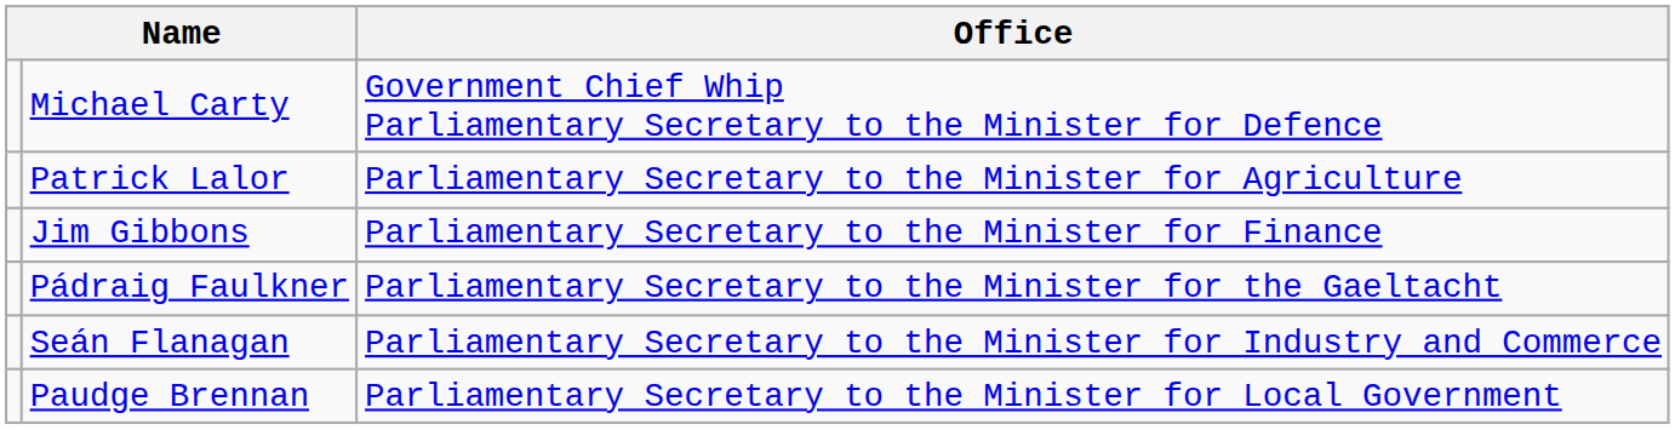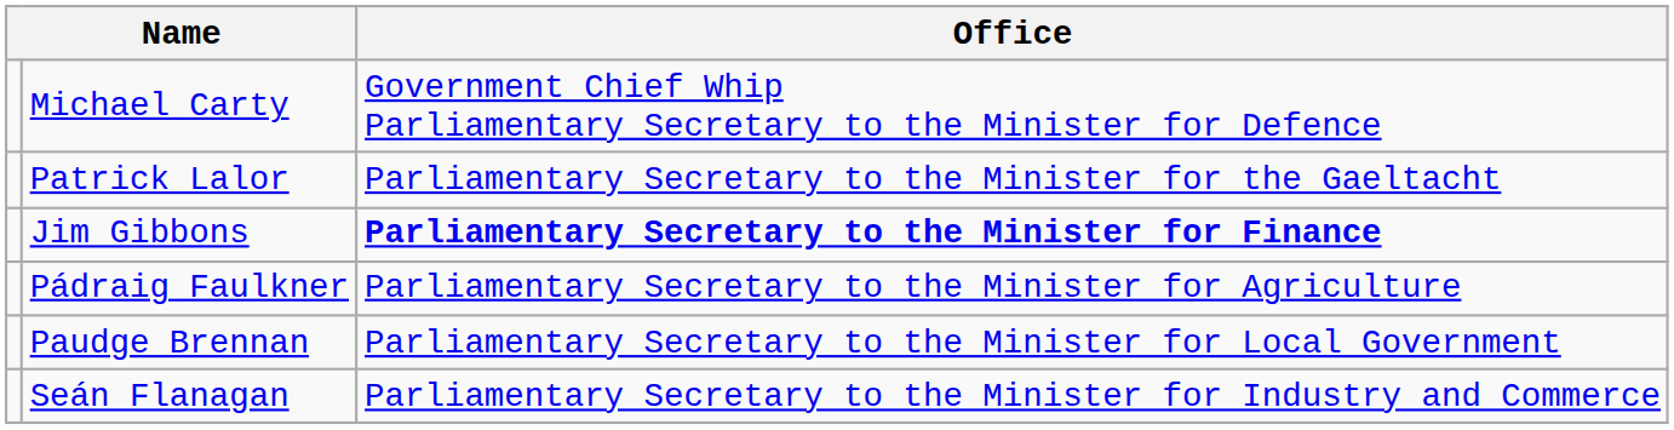 <table class="wikitable">
 <tr>
 <th colspan="2">Name</th>
 <th>Office</th>
 </tr>
 <tr>
 <td style="background-color: "></td>
 <td><a href='#'>Michael Carty</a></td>
 <td><a href='#'>Government Chief Whip</a><br><a href='#'>Parliamentary Secretary to the Minister for Defence</a></td>
 </tr>
 <tr>
 <td style="background-color: "></td>
 <td><a href='#'>Patrick Lalor</a></td>
+<td><a href='#'>Parliamentary Secretary to the Minister for the Gaeltacht</a></td>
+</tr>
+<tr>
+<td style="background-color: "></td>
+<td><a href='#'>Jim Gibbons</a></td>
+<td><strong><a href='#'>Parliamentary Secretary to the Minister for Finance</a></strong></td>
+</tr>
+<tr>
+<td style="background-color: "></td>
+<td><a href='#'>Pádraig Faulkner</a></td>
 <td><a href='#'>Parliamentary Secretary to the Minister for Agriculture</a></td>
 </tr>
 <tr>
 <td style="background-color: "></td>
-<td><a href='#'>Jim Gibbons</a></td>
-<td><a href='#'>Parliamentary Secretary to the Minister for Finance</a></td>
-</tr>
-<tr>
-<td style="background-color: "></td>
-<td><a href='#'>Pádraig Faulkner</a></td>
-<td><a href='#'>Parliamentary Secretary to the Minister for the Gaeltacht</a></td>
+<td><a href='#'>Paudge Brennan</a></td>
+<td><a href='#'>Parliamentary Secretary to the Minister for Local Government</a></td>
 </tr>
 <tr>
 <td style="background-color: "></td>
 <td><a href='#'>Seán Flanagan</a></td>
 <td><a href='#'>Parliamentary Secretary to the Minister for Industry and Commerce</a></td>
 </tr>
-<tr>
-<td style="background-color: "></td>
-<td><a href='#'>Paudge Brennan</a></td>
-<td><a href='#'>Parliamentary Secretary to the Minister for Local Government</a></td>
-</tr>
 </table>
